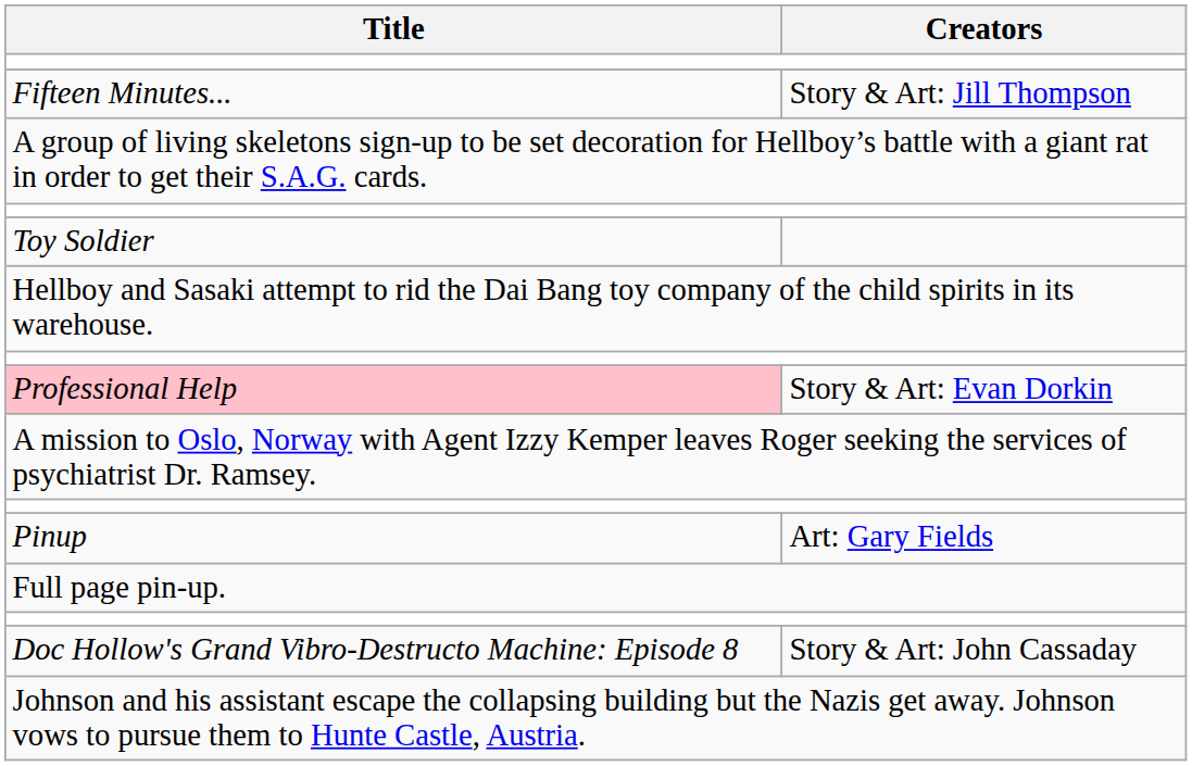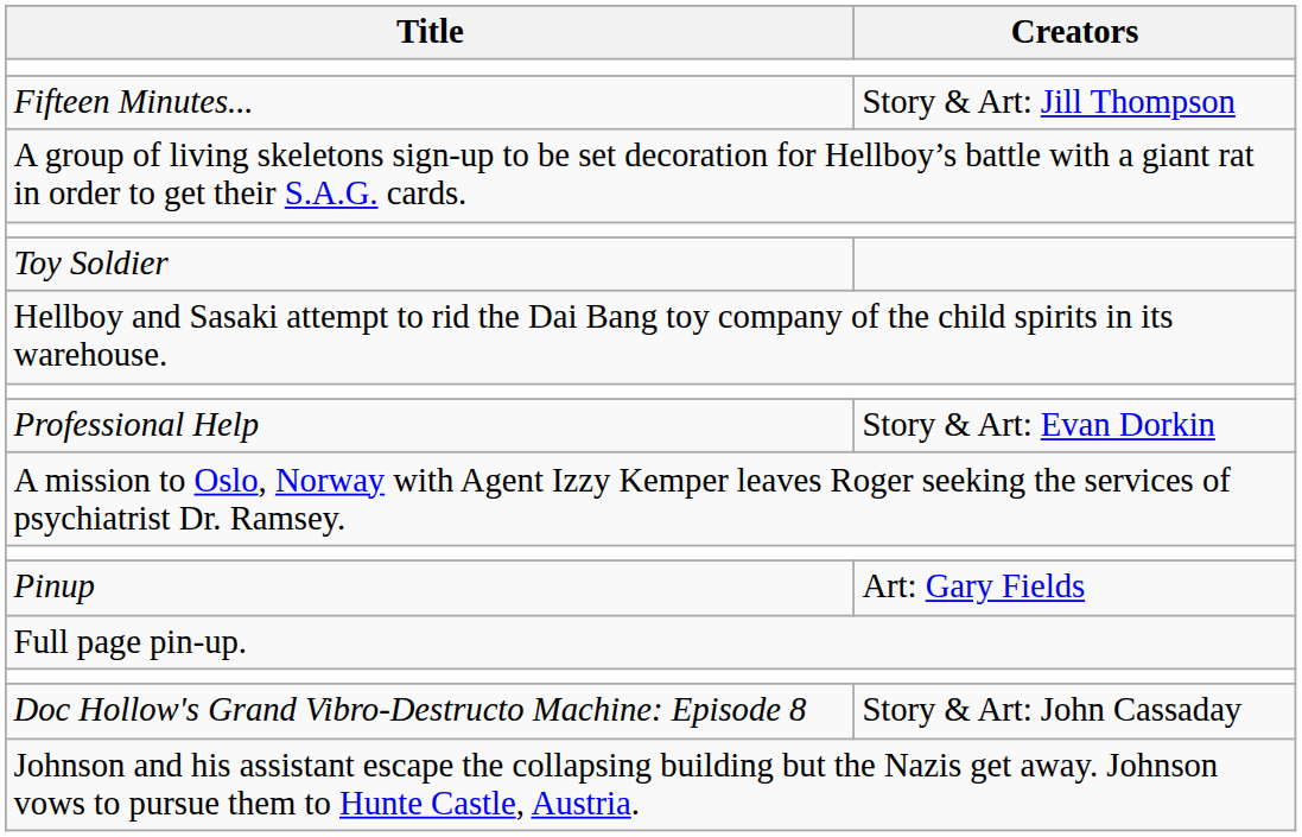 <table class="wikitable">
 <tr>
 <th>Title</th>
 <th>Creators</th>
 </tr>
 <tr>
 <td colspan="6" bgcolor="#FFFFFF"></td>
 </tr>
 <tr>
 <td><em>Fifteen Minutes...</em></td>
 <td>Story & Art: <a href='#'>Jill Thompson</a></td>
 </tr>
 <tr>
 <td colspan="6">A group of living skeletons sign-up to be set decoration for Hellboy’s battle with a giant rat in order to get their <a href='#'>S.A.G.</a> cards.</td>
 </tr>
 <tr>
 <td colspan="6" bgcolor="#FFFFFF"></td>
 </tr>
 <tr>
 <td><em>Toy Soldier</em></td>
 <td></td>
 </tr>
 <tr>
 <td colspan="6">Hellboy and Sasaki attempt to rid the Dai Bang toy company of the child spirits in its warehouse.</td>
 </tr>
 <tr>
 <td colspan="6" bgcolor="#FFFFFF"></td>
 </tr>
 <tr>
-<td style="background: pink;"><em>Professional Help</em></td>
+<td><em>Professional Help</em></td>
 <td>Story & Art: <a href='#'>Evan Dorkin</a></td>
 </tr>
 <tr>
 <td colspan="6">A mission to <a href='#'>Oslo</a>, <a href='#'>Norway</a> with Agent Izzy Kemper leaves Roger seeking the services of psychiatrist Dr. Ramsey.</td>
 </tr>
 <tr>
 <td colspan="6" bgcolor="#FFFFFF"></td>
 </tr>
 <tr>
 <td><em>Pinup</em></td>
 <td>Art: <a href='#'>Gary Fields</a></td>
 </tr>
 <tr>
 <td colspan="6">Full page pin-up.</td>
 </tr>
 <tr>
 <td colspan="6" bgcolor="#FFFFFF"></td>
 </tr>
 <tr>
 <td><em>Doc Hollow's Grand Vibro-Destructo Machine: Episode 8</em></td>
 <td>Story & Art: John Cassaday</td>
 </tr>
 <tr>
 <td colspan="6">Johnson and his assistant escape the collapsing building but the Nazis get away. Johnson vows to pursue them to <a href='#'>Hunte Castle</a>, <a href='#'>Austria</a>.</td>
 </tr>
 </table>
